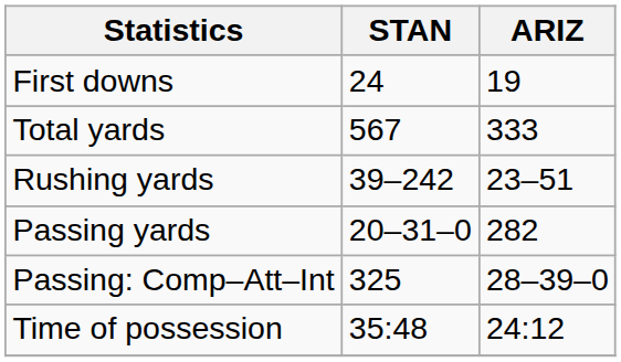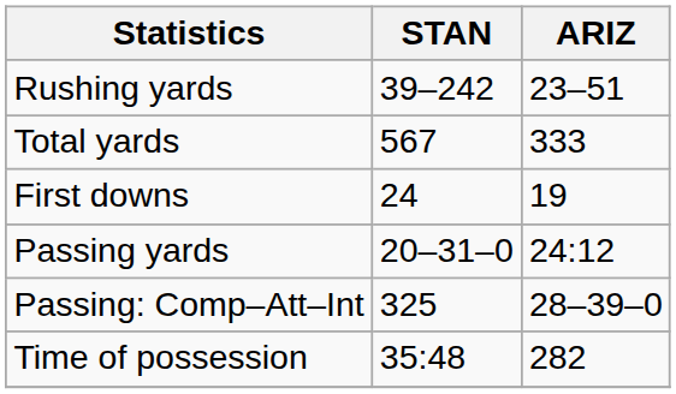 <table class="wikitable" style="float: left;">
 <tr>
 <th>Statistics</th>
 <th>STAN</th>
 <th>ARIZ</th>
 </tr>
 <tr>
-<td>First downs</td>
-<td>24</td>
-<td>19</td>
+<td>Rushing yards</td>
+<td>39–242</td>
+<td>23–51</td>
 </tr>
 <tr>
 <td>Total yards</td>
 <td>567</td>
 <td>333</td>
 </tr>
 <tr>
-<td>Rushing yards</td>
-<td>39–242</td>
-<td>23–51</td>
+<td>First downs</td>
+<td>24</td>
+<td>19</td>
 </tr>
 <tr>
 <td>Passing yards</td>
 <td>20–31–0</td>
-<td>282</td>
+<td>24:12</td>
 </tr>
 <tr>
 <td>Passing: Comp–Att–Int</td>
 <td>325</td>
 <td>28–39–0</td>
 </tr>
 <tr>
 <td>Time of possession</td>
 <td>35:48</td>
-<td>24:12</td>
+<td>282</td>
 </tr>
 <tr>
 </tr>
 </table>
